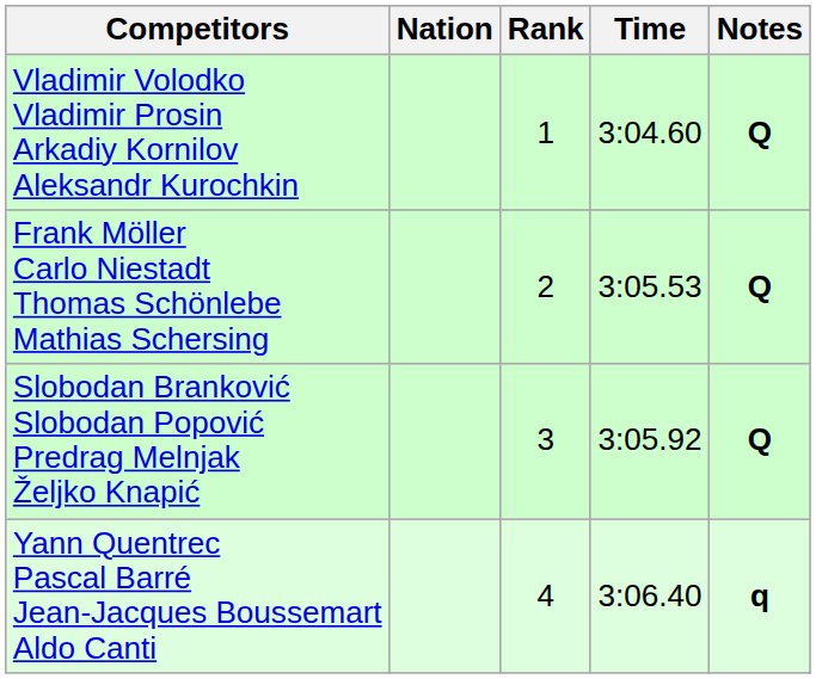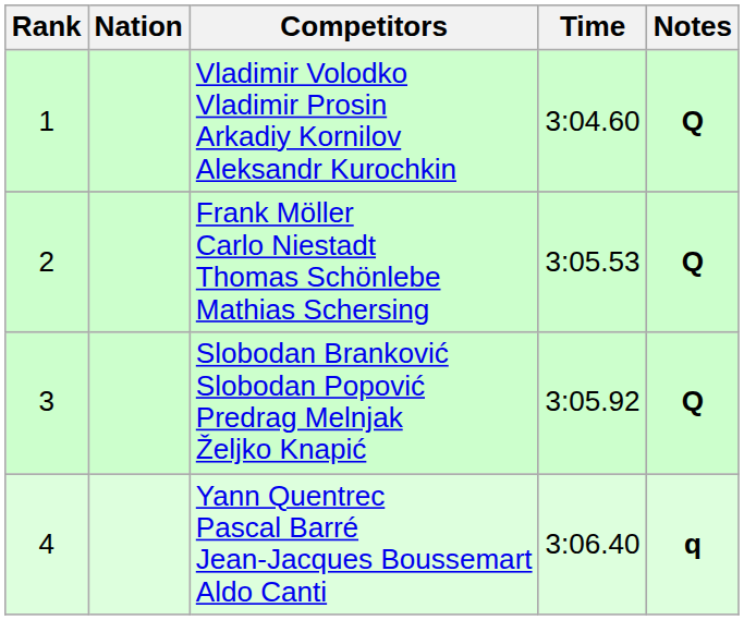 <table class="wikitable sortable" style="text-align:center">
 <tr>
+<th>Rank</th>
+<th>Nation</th>
 <th>Competitors</th>
-<th>Nation</th>
-<th>Rank</th>
 <th>Time</th>
 <th>Notes</th>
 </tr>
 <tr bgcolor=ccffcc>
+<td>1</td>
+<td align=left></td>
 <td align=left><a href='#'>Vladimir Volodko</a><br><a href='#'>Vladimir Prosin</a><br><a href='#'>Arkadiy Kornilov</a><br><a href='#'>Aleksandr Kurochkin</a></td>
-<td align=left></td>
-<td>1</td>
 <td>3:04.60</td>
 <td><strong>Q</strong></td>
 </tr>
 <tr bgcolor=ccffcc>
+<td>2</td>
+<td align=left></td>
 <td align=left><a href='#'>Frank Möller</a><br><a href='#'>Carlo Niestadt</a><br><a href='#'>Thomas Schönlebe</a><br><a href='#'>Mathias Schersing</a></td>
-<td align=left></td>
-<td>2</td>
 <td>3:05.53</td>
 <td><strong>Q</strong></td>
 </tr>
 <tr bgcolor=ccffcc>
+<td>3</td>
+<td align=left></td>
 <td align=left><a href='#'>Slobodan Branković</a><br><a href='#'>Slobodan Popović</a><br><a href='#'>Predrag Melnjak</a><br><a href='#'>Željko Knapić</a></td>
-<td align=left></td>
-<td>3</td>
 <td>3:05.92</td>
 <td><strong>Q</strong></td>
 </tr>
 <tr bgcolor=ddffdd>
+<td>4</td>
+<td align=left></td>
 <td align=left><a href='#'>Yann Quentrec</a><br><a href='#'>Pascal Barré</a><br><a href='#'>Jean-Jacques Boussemart</a><br><a href='#'>Aldo Canti</a></td>
-<td align=left></td>
-<td>4</td>
 <td>3:06.40</td>
 <td><strong>q</strong></td>
 </tr>
 </table>
